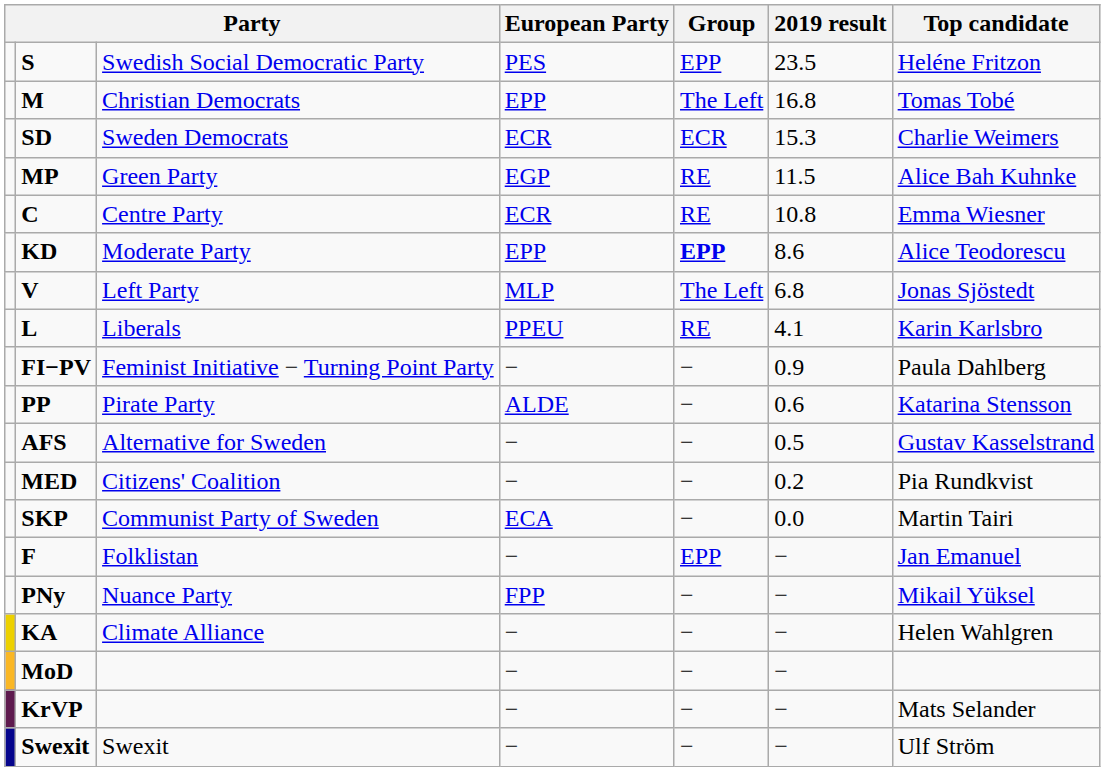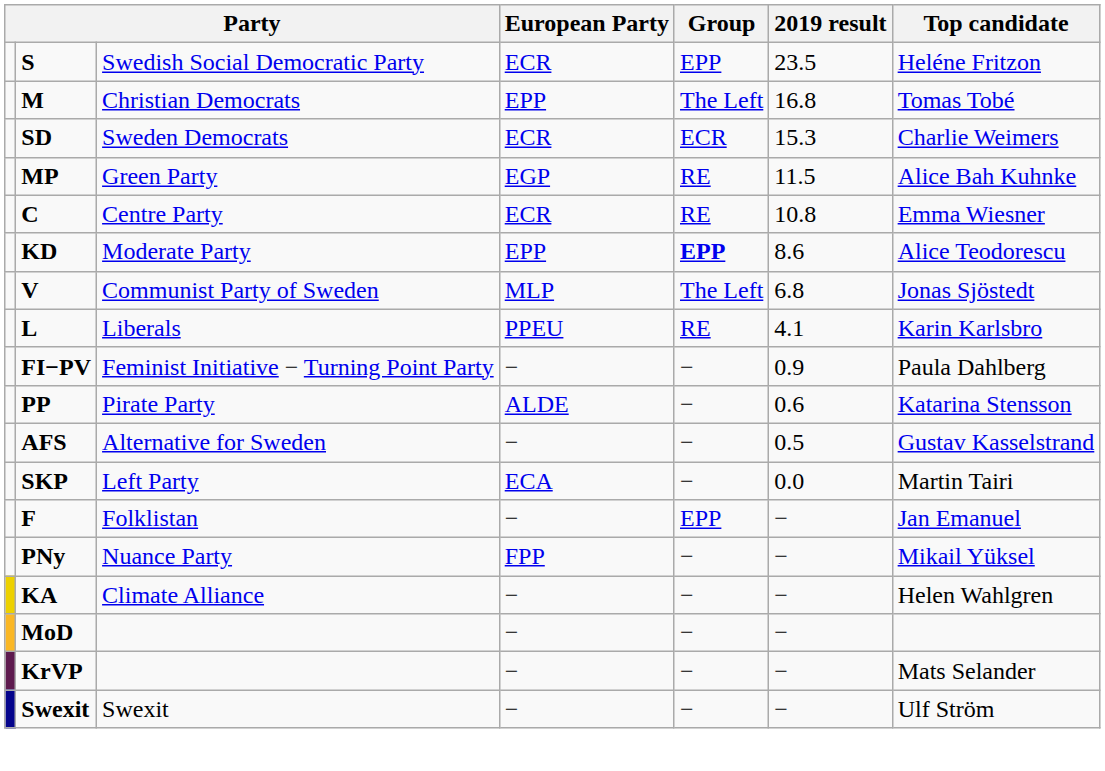 <table class="wikitable">
 <tr>
 <th colspan="3">Party</th>
 <th>European Party</th>
 <th>Group</th>
 <th>2019 result</th>
 <th>Top candidate</th>
 </tr>
 <tr>
 <td style="background:"></td>
 <td><strong>S</strong></td>
 <td><a href='#'>Swedish Social Democratic Party</a></td>
-<td><a href='#'>PES</a></td>
+<td><a href='#'>ECR</a></td>
 <td><a href='#'>EPP</a></td>
 <td>23.5</td>
 <td><a href='#'>Heléne Fritzon</a></td>
 </tr>
 <tr>
 <td style="background:"></td>
 <td><strong>M</strong></td>
 <td><a href='#'>Christian Democrats</a></td>
 <td><a href='#'>EPP</a></td>
 <td><a href='#'>The Left</a></td>
 <td>16.8</td>
 <td><a href='#'>Tomas Tobé</a></td>
 </tr>
 <tr>
 <td style="background:"></td>
 <td><strong>SD</strong></td>
 <td><a href='#'>Sweden Democrats</a></td>
 <td><a href='#'>ECR</a></td>
 <td><a href='#'>ECR</a></td>
 <td>15.3</td>
 <td><a href='#'>Charlie Weimers</a></td>
 </tr>
 <tr>
 <td style="background:"></td>
 <td><strong>MP</strong></td>
 <td><a href='#'>Green Party</a></td>
 <td><a href='#'>EGP</a></td>
 <td><a href='#'>RE</a></td>
 <td>11.5</td>
 <td><a href='#'>Alice Bah Kuhnke</a></td>
 </tr>
 <tr>
 <td style="background:"></td>
 <td><strong>C</strong></td>
 <td><a href='#'>Centre Party</a></td>
 <td><a href='#'>ECR</a></td>
 <td><a href='#'>RE</a></td>
 <td>10.8</td>
 <td><a href='#'>Emma Wiesner</a></td>
 </tr>
 <tr>
 <td style="background:"></td>
 <td><strong>KD</strong></td>
 <td><a href='#'>Moderate Party</a></td>
 <td><a href='#'>EPP</a></td>
 <td><strong><a href='#'>EPP</a></strong></td>
 <td>8.6</td>
 <td><a href='#'>Alice Teodorescu</a></td>
 </tr>
 <tr>
 <td style="background:"></td>
 <td><strong>V</strong></td>
-<td><a href='#'>Left Party</a></td>
+<td><a href='#'>Communist Party of Sweden</a></td>
 <td><a href='#'>MLP</a></td>
 <td><a href='#'>The Left</a></td>
 <td>6.8</td>
 <td><a href='#'>Jonas Sjöstedt</a></td>
 </tr>
 <tr>
 <td style="background:"></td>
 <td><strong>L</strong></td>
 <td><a href='#'>Liberals</a></td>
 <td><a href='#'>PPEU</a></td>
 <td><a href='#'>RE</a></td>
 <td>4.1</td>
 <td><a href='#'>Karin Karlsbro</a></td>
 </tr>
 <tr>
 <td style="background:"></td>
 <td><strong>FI−PV</strong></td>
 <td><a href='#'>Feminist Initiative</a> − <a href='#'>Turning Point Party</a></td>
 <td>−</td>
 <td>−</td>
 <td>0.9</td>
 <td>Paula Dahlberg</td>
 </tr>
 <tr>
 <td style="background:"></td>
 <td><strong>PP</strong></td>
 <td><a href='#'>Pirate Party</a></td>
 <td><a href='#'>ALDE</a></td>
 <td>−</td>
 <td>0.6</td>
 <td><a href='#'>Katarina Stensson</a></td>
 </tr>
 <tr>
 <td style="background:"></td>
 <td><strong>AFS</strong></td>
 <td><a href='#'>Alternative for Sweden</a></td>
 <td>−</td>
 <td>−</td>
 <td>0.5</td>
 <td><a href='#'>Gustav Kasselstrand</a></td>
 </tr>
 <tr>
 <td style="background:"></td>
-<td><strong>MED</strong></td>
-<td><a href='#'>Citizens' Coalition</a></td>
-<td>−</td>
-<td>−</td>
-<td>0.2</td>
-<td>Pia Rundkvist</td>
-</tr>
-<tr>
-<td style="background:"></td>
 <td><strong>SKP</strong></td>
-<td><a href='#'>Communist Party of Sweden</a></td>
+<td><a href='#'>Left Party</a></td>
 <td><a href='#'>ECA</a></td>
 <td>−</td>
 <td>0.0</td>
 <td>Martin Tairi</td>
 </tr>
 <tr>
 <td style="background:"></td>
 <td><strong>F</strong></td>
 <td><a href='#'>Folklistan</a></td>
 <td>−</td>
 <td><a href='#'>EPP</a></td>
 <td>−</td>
 <td><a href='#'>Jan Emanuel</a></td>
 </tr>
 <tr>
 <td style="background:"></td>
 <td><strong>PNy</strong></td>
 <td><a href='#'>Nuance Party</a></td>
 <td><a href='#'>FPP</a></td>
 <td>−</td>
 <td>−</td>
 <td><a href='#'>Mikail Yüksel</a></td>
 </tr>
 <tr>
 <td style="background:#EDD100;"></td>
 <td><strong>KA</strong></td>
 <td><a href='#'>Climate Alliance</a></td>
 <td>−</td>
 <td>−</td>
 <td>−</td>
 <td>Helen Wahlgren</td>
 </tr>
 <tr>
 <td style="background:#FAB725;"></td>
 <td><strong>MoD</strong></td>
 <td></td>
 <td>−</td>
 <td>−</td>
 <td>−</td>
 <td></td>
 </tr>
 <tr>
 <td style="background:#5E1A4E;"></td>
 <td><strong>KrVP</strong></td>
 <td></td>
 <td>−</td>
 <td>−</td>
 <td>−</td>
 <td>Mats Selander</td>
 </tr>
 <tr>
 <td style="background:#05048c;"></td>
 <td><strong>Swexit</strong></td>
 <td>Swexit</td>
 <td>−</td>
 <td>−</td>
 <td>−</td>
 <td>Ulf Ström</td>
 </tr>
 </table>
